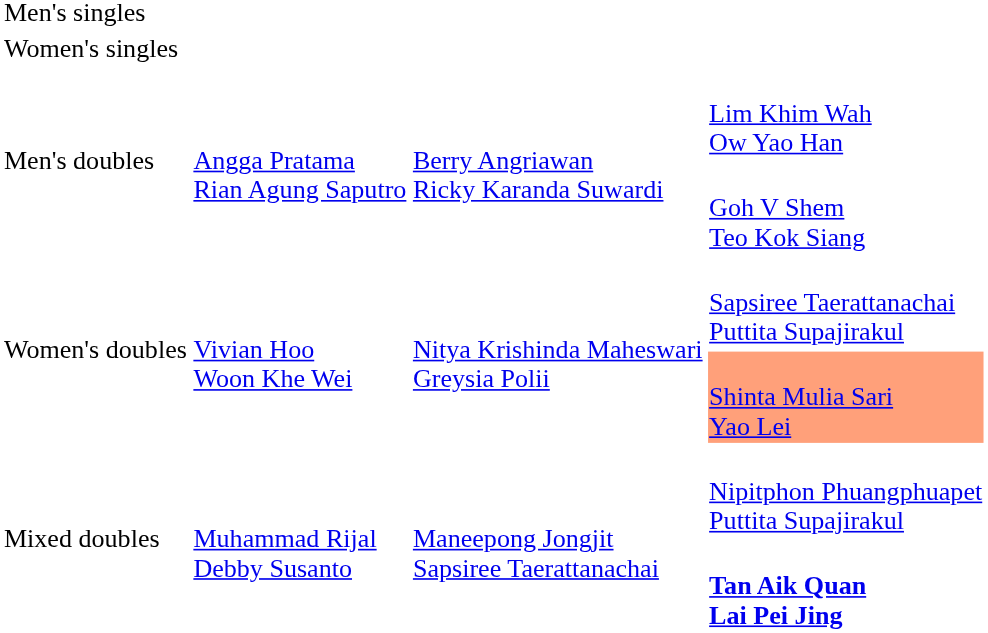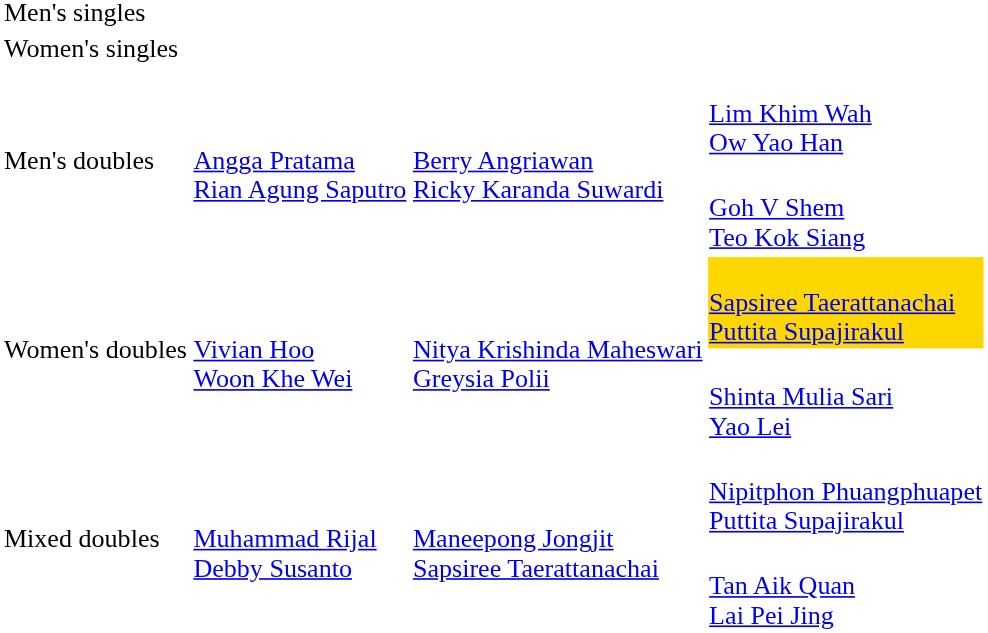 <table>
 <tr>
 <td rowspan=2>Men's singles<br></td>
 <td rowspan=2></td>
 <td rowspan=2></td>
 <td></td>
 </tr>
 <tr>
 <td></td>
 </tr>
 <tr>
 <td rowspan=2>Women's singles<br></td>
 <td rowspan=2></td>
 <td rowspan=2></td>
 <td></td>
 </tr>
 <tr>
 <td></td>
 </tr>
 <tr>
 <td rowspan=2>Men's doubles<br></td>
 <td rowspan=2><br><a href='#'>Angga Pratama</a><br><a href='#'>Rian Agung Saputro</a></td>
 <td rowspan=2><br><a href='#'>Berry Angriawan</a><br><a href='#'>Ricky Karanda Suwardi</a></td>
 <td><br><a href='#'>Lim Khim Wah</a><br><a href='#'>Ow Yao Han</a></td>
 </tr>
 <tr>
 <td><br> <a href='#'>Goh V Shem</a><br><a href='#'>Teo Kok Siang</a></td>
 </tr>
 <tr>
 <td rowspan=2>Women's doubles<br></td>
 <td rowspan=2><br><a href='#'>Vivian Hoo</a><br><a href='#'>Woon Khe Wei</a></td>
 <td rowspan=2><br><a href='#'>Nitya Krishinda Maheswari</a><br><a href='#'>Greysia Polii</a></td>
-<td><br><a href='#'>Sapsiree Taerattanachai</a><br><a href='#'>Puttita Supajirakul</a></td>
+<td style="background: gold;"><br><a href='#'>Sapsiree Taerattanachai</a><br><a href='#'>Puttita Supajirakul</a></td>
 </tr>
 <tr>
-<td style="background: lightsalmon;"><br><a href='#'>Shinta Mulia Sari</a><br><a href='#'>Yao Lei</a></td>
+<td><br><a href='#'>Shinta Mulia Sari</a><br><a href='#'>Yao Lei</a></td>
 </tr>
 <tr>
 <td rowspan=2>Mixed doubles<br></td>
 <td rowspan=2><br><a href='#'>Muhammad Rijal</a><br><a href='#'>Debby Susanto</a></td>
 <td rowspan=2><br><a href='#'>Maneepong Jongjit</a><br><a href='#'>Sapsiree Taerattanachai</a></td>
 <td><br><a href='#'>Nipitphon Phuangphuapet</a><br><a href='#'>Puttita Supajirakul</a></td>
 </tr>
 <tr>
-<td><strong><br><a href='#'>Tan Aik Quan</a><br><a href='#'>Lai Pei Jing</a></strong></td>
+<td><br><a href='#'>Tan Aik Quan</a><br><a href='#'>Lai Pei Jing</a></td>
 </tr>
 </table>
